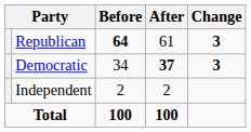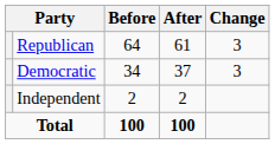 <table class="wikitable" style="text-align:center;">
 <tr>
 <th colspan="2">Party</th>
 <th>Before</th>
 <th>After</th>
 <th>Change</th>
 </tr>
 <tr>
 <th style="background-color:"></th>
 <td style="text-align:left;"><a href='#'>Republican</a></td>
-<td><strong>64</strong></td>
+<td>64</td>
 <td>61</td>
-<td><strong> 3</strong></td>
+<td> 3</td>
 </tr>
 <tr>
 <th style="background-color:"></th>
 <td style="text-align:left;"><a href='#'>Democratic</a></td>
 <td>34</td>
-<td><strong>37</strong></td>
-<td><strong> 3</strong></td>
+<td>37</td>
+<td> 3</td>
 </tr>
 <tr>
 <th style="background-color:"></th>
 <td style="text-align:left;">Independent</td>
 <td>2</td>
 <td>2</td>
 <td></td>
 </tr>
 <tr>
 <td colspan="2"><strong>Total</strong></td>
 <td><strong>100</strong></td>
 <td><strong>100</strong></td>
 </tr>
 </table>
